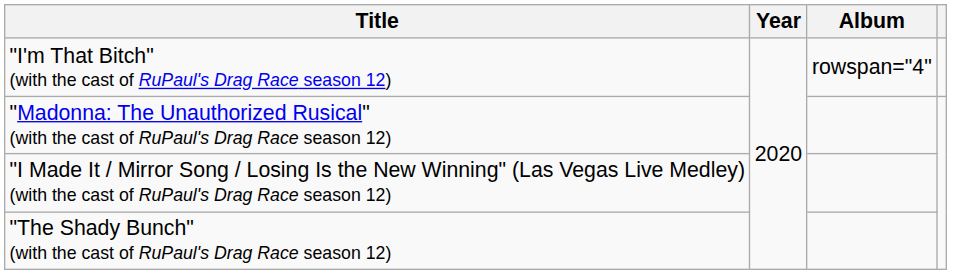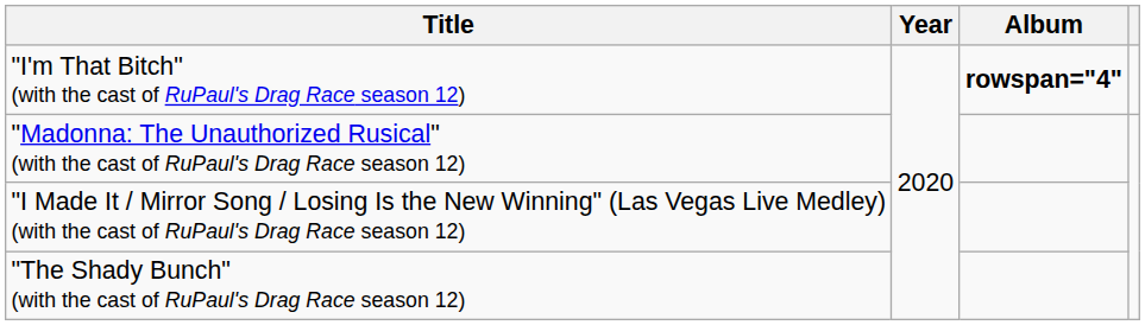 <table class="wikitable plainrowheaders sortable">
 <tr>
 <th>Title</th>
 <th>Year</th>
 <th>Album</th>
 <th style="text-align: center;" class="unsortable"></th>
 </tr>
 <tr>
 <td>"I'm That Bitch"<br><small>(with the cast of <a href='#'><em>RuPaul's Drag Race</em> season 12</a>)</small></td>
 <td rowspan="4">2020</td>
-<td>rowspan="4" </td>
+<td><strong>rowspan="4" </strong></td>
 <td style="text-align: center;"><br></td>
 </tr>
 <tr>
 <td scope="row">"<a href='#'>Madonna: The Unauthorized Rusical</a>"<br><small>(with the cast of <em>RuPaul's Drag Race</em> season 12)</small></td>
 <td style="text-align: center;"></td>
 </tr>
 <tr>
 <td>"I Made It / Mirror Song / Losing Is the New Winning" (Las Vegas Live Medley)<br><small>(with the cast of <em>RuPaul's Drag Race</em> season 12)</small></td>
 <td style="text-align: center;"></td>
 </tr>
 <tr>
 <td>"The Shady Bunch"<br><small>(with the cast of <em>RuPaul's Drag Race</em> season 12)</small></td>
 <td style="text-align: center;"></td>
 </tr>
 </table>
